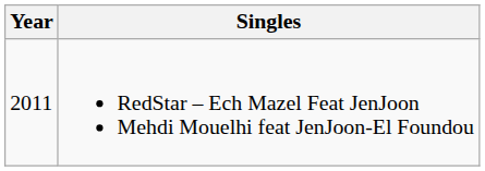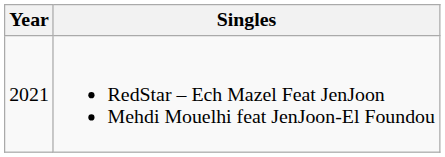 <table class="wikitable">
 <tr>
 <th>Year</th>
 <th>Singles</th>
 </tr>
 <tr>
-<td>2011</td>
+<td>2021</td>
 <td><br><ul><li>RedStar – Ech Mazel Feat JenJoon</li><li>Mehdi Mouelhi feat JenJoon-El Foundou</li></ul></td>
 </tr>
 </table>
